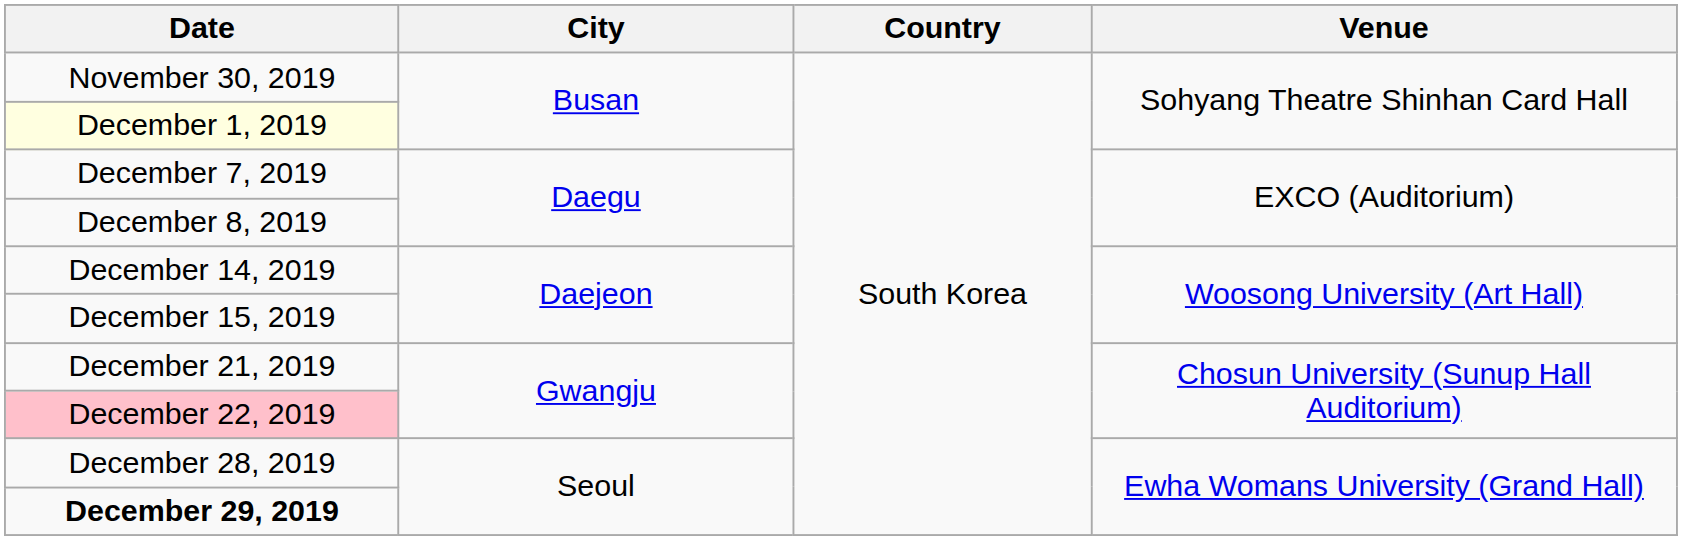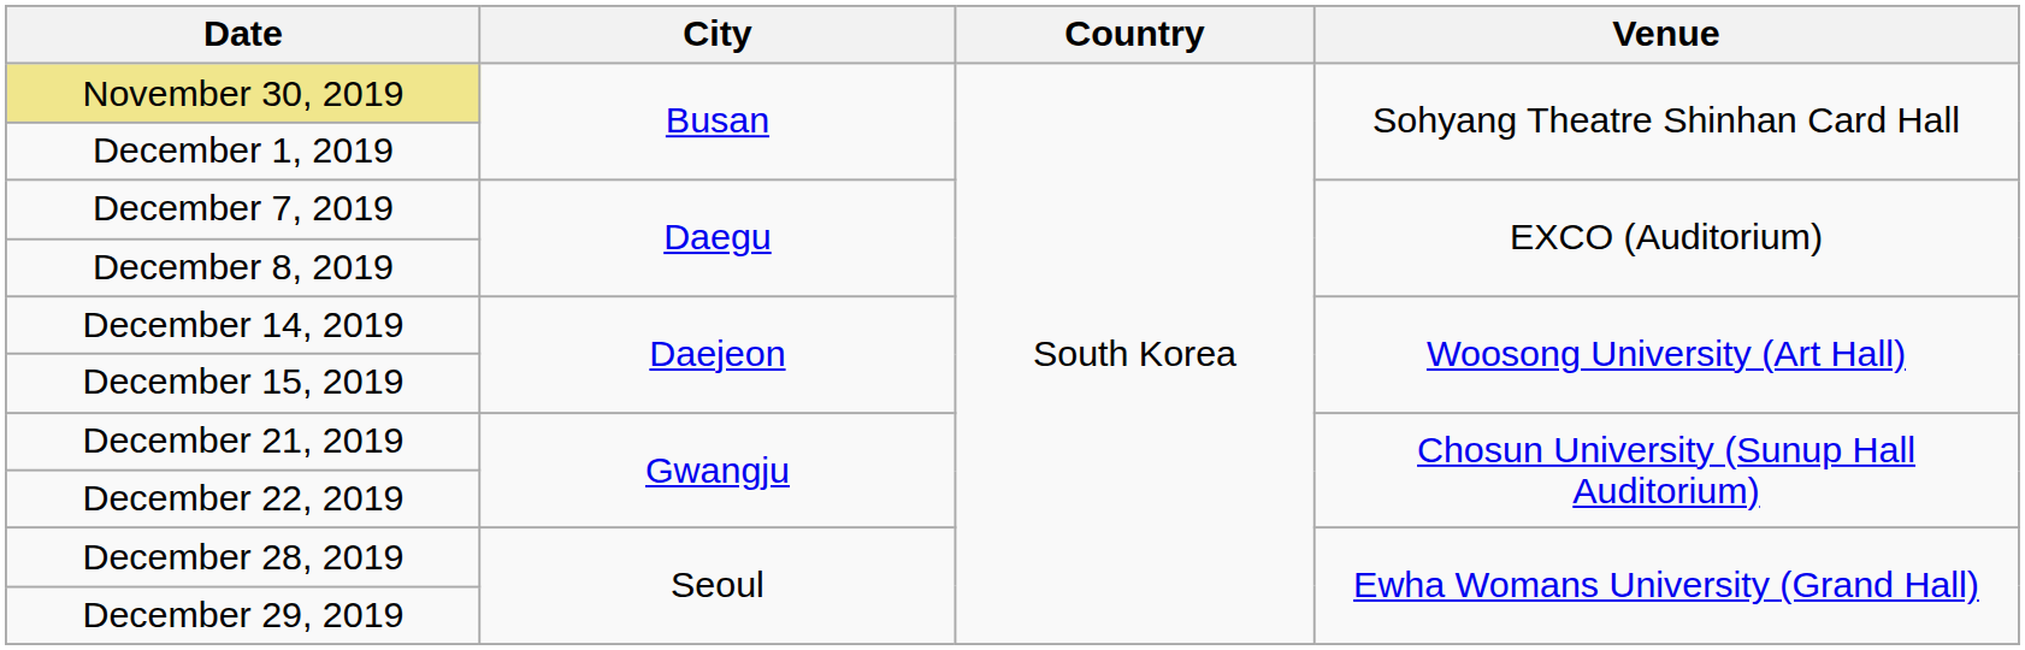 <table class="wikitable" style="text-align:center;">
 <tr>
 <th width="200">Date</th>
 <th width="200">City</th>
 <th width="150">Country</th>
 <th width="300">Venue</th>
 </tr>
 <tr>
-<td>November 30, 2019</td>
+<td style="background: khaki;">November 30, 2019</td>
 <td rowspan="2"><a href='#'>Busan</a></td>
 <td rowspan="10">South Korea</td>
 <td rowspan="2">Sohyang Theatre Shinhan Card Hall</td>
 </tr>
 <tr>
-<td style="background: lightyellow;">December 1, 2019</td>
+<td>December 1, 2019</td>
 </tr>
 <tr>
 <td>December 7, 2019</td>
 <td rowspan="2"><a href='#'>Daegu</a></td>
 <td rowspan="2">EXCO (Auditorium)</td>
 </tr>
 <tr>
 <td>December 8, 2019</td>
 </tr>
 <tr>
 <td>December 14, 2019</td>
 <td rowspan="2"><a href='#'>Daejeon</a></td>
 <td rowspan="2"><a href='#'>Woosong University (Art Hall)</a></td>
 </tr>
 <tr>
 <td>December 15, 2019</td>
 </tr>
 <tr>
 <td>December 21, 2019</td>
 <td rowspan="2"><a href='#'>Gwangju</a></td>
 <td rowspan="2"><a href='#'>Chosun University (Sunup Hall Auditorium)</a></td>
 </tr>
 <tr>
-<td style="background: pink;">December 22, 2019</td>
+<td>December 22, 2019</td>
 </tr>
 <tr>
 <td>December 28, 2019</td>
 <td rowspan="2">Seoul</td>
 <td rowspan="2"><a href='#'>Ewha Womans University (Grand Hall)</a></td>
 </tr>
 <tr>
-<td><strong>December 29, 2019</strong></td>
+<td>December 29, 2019</td>
 </tr>
 </table>
